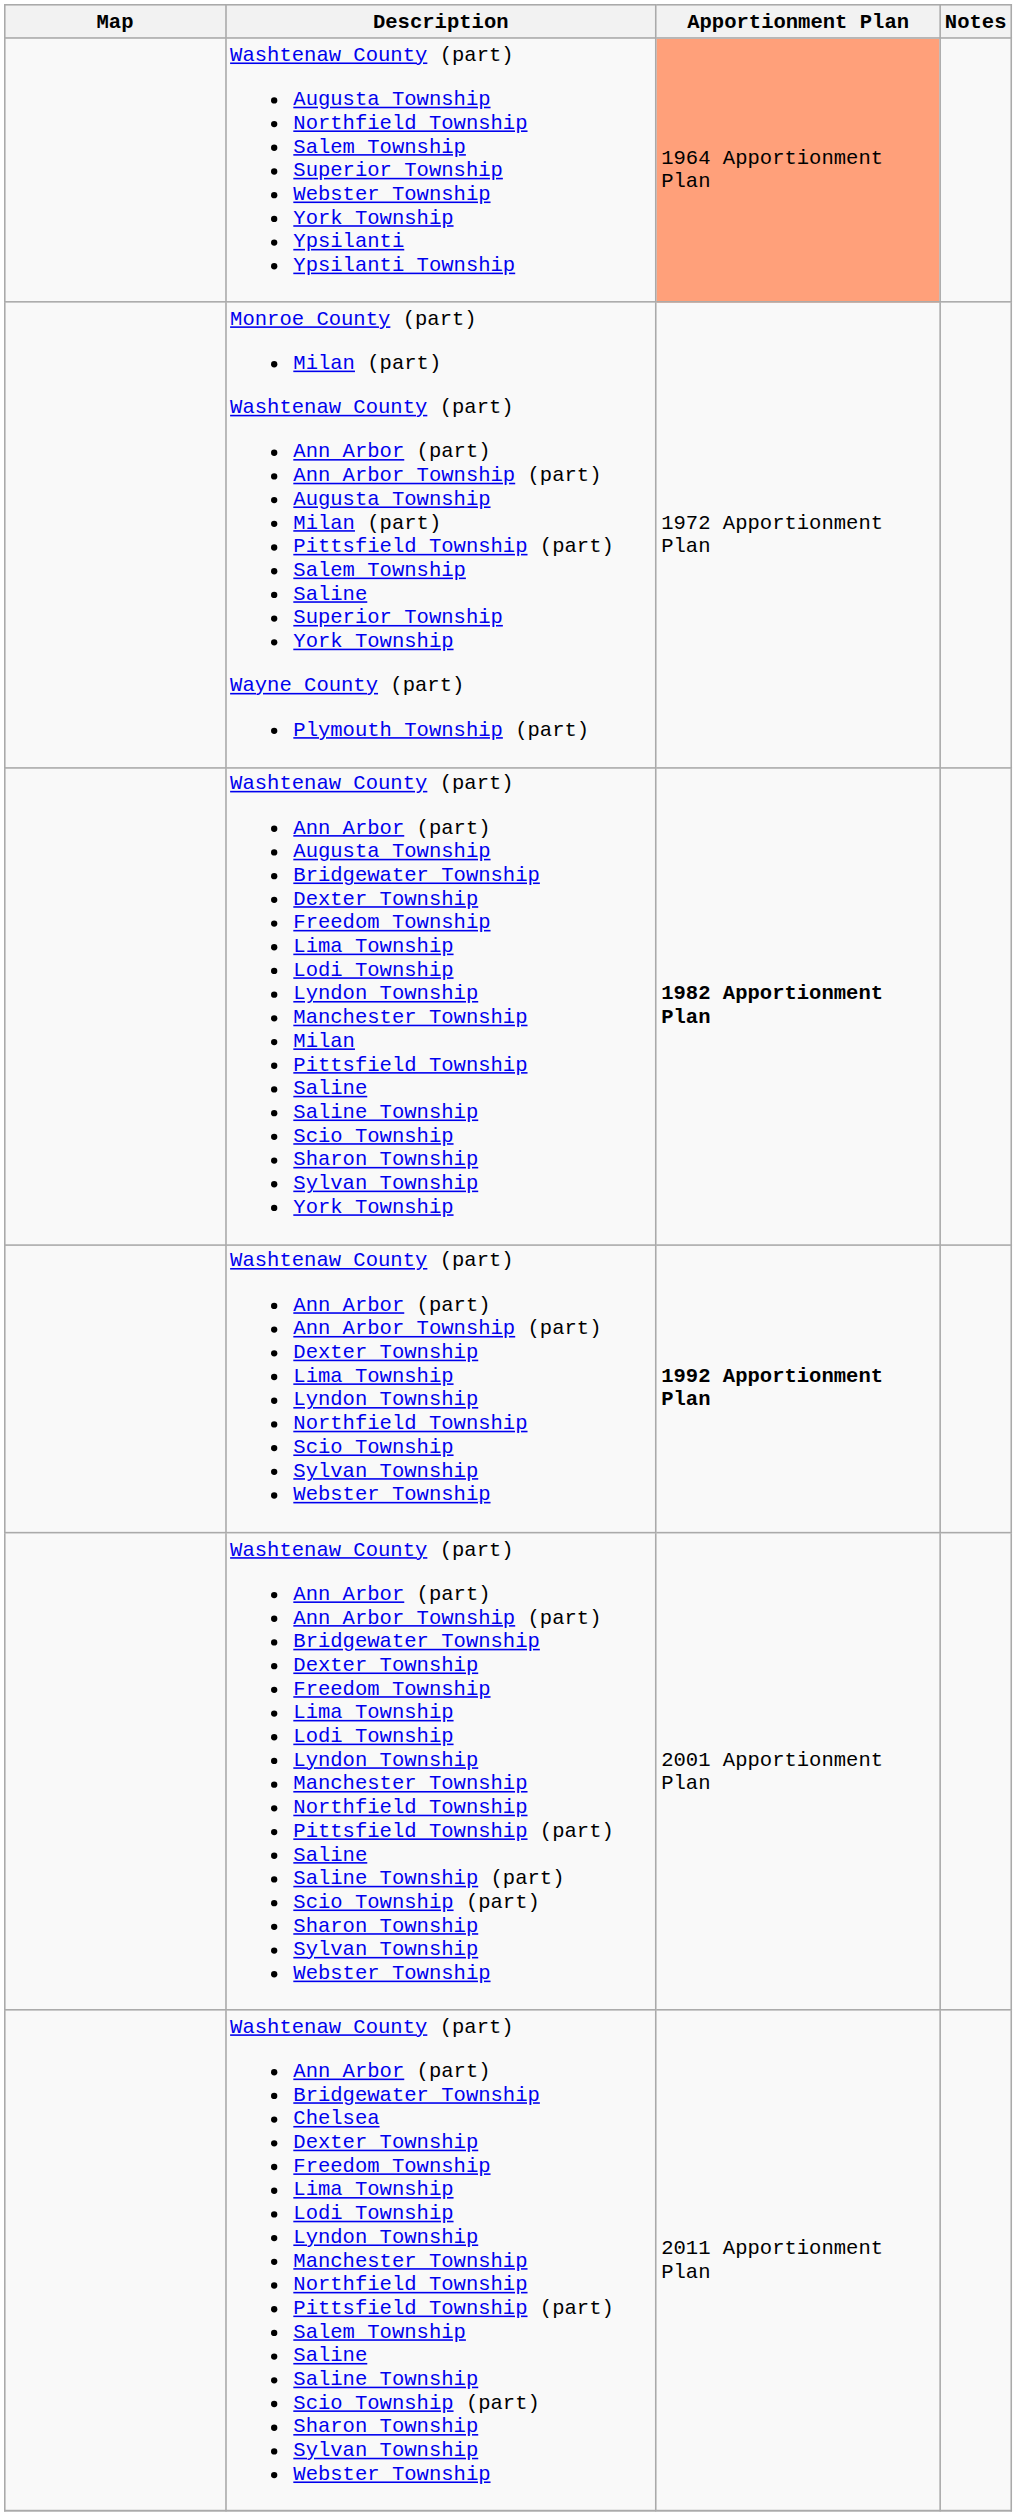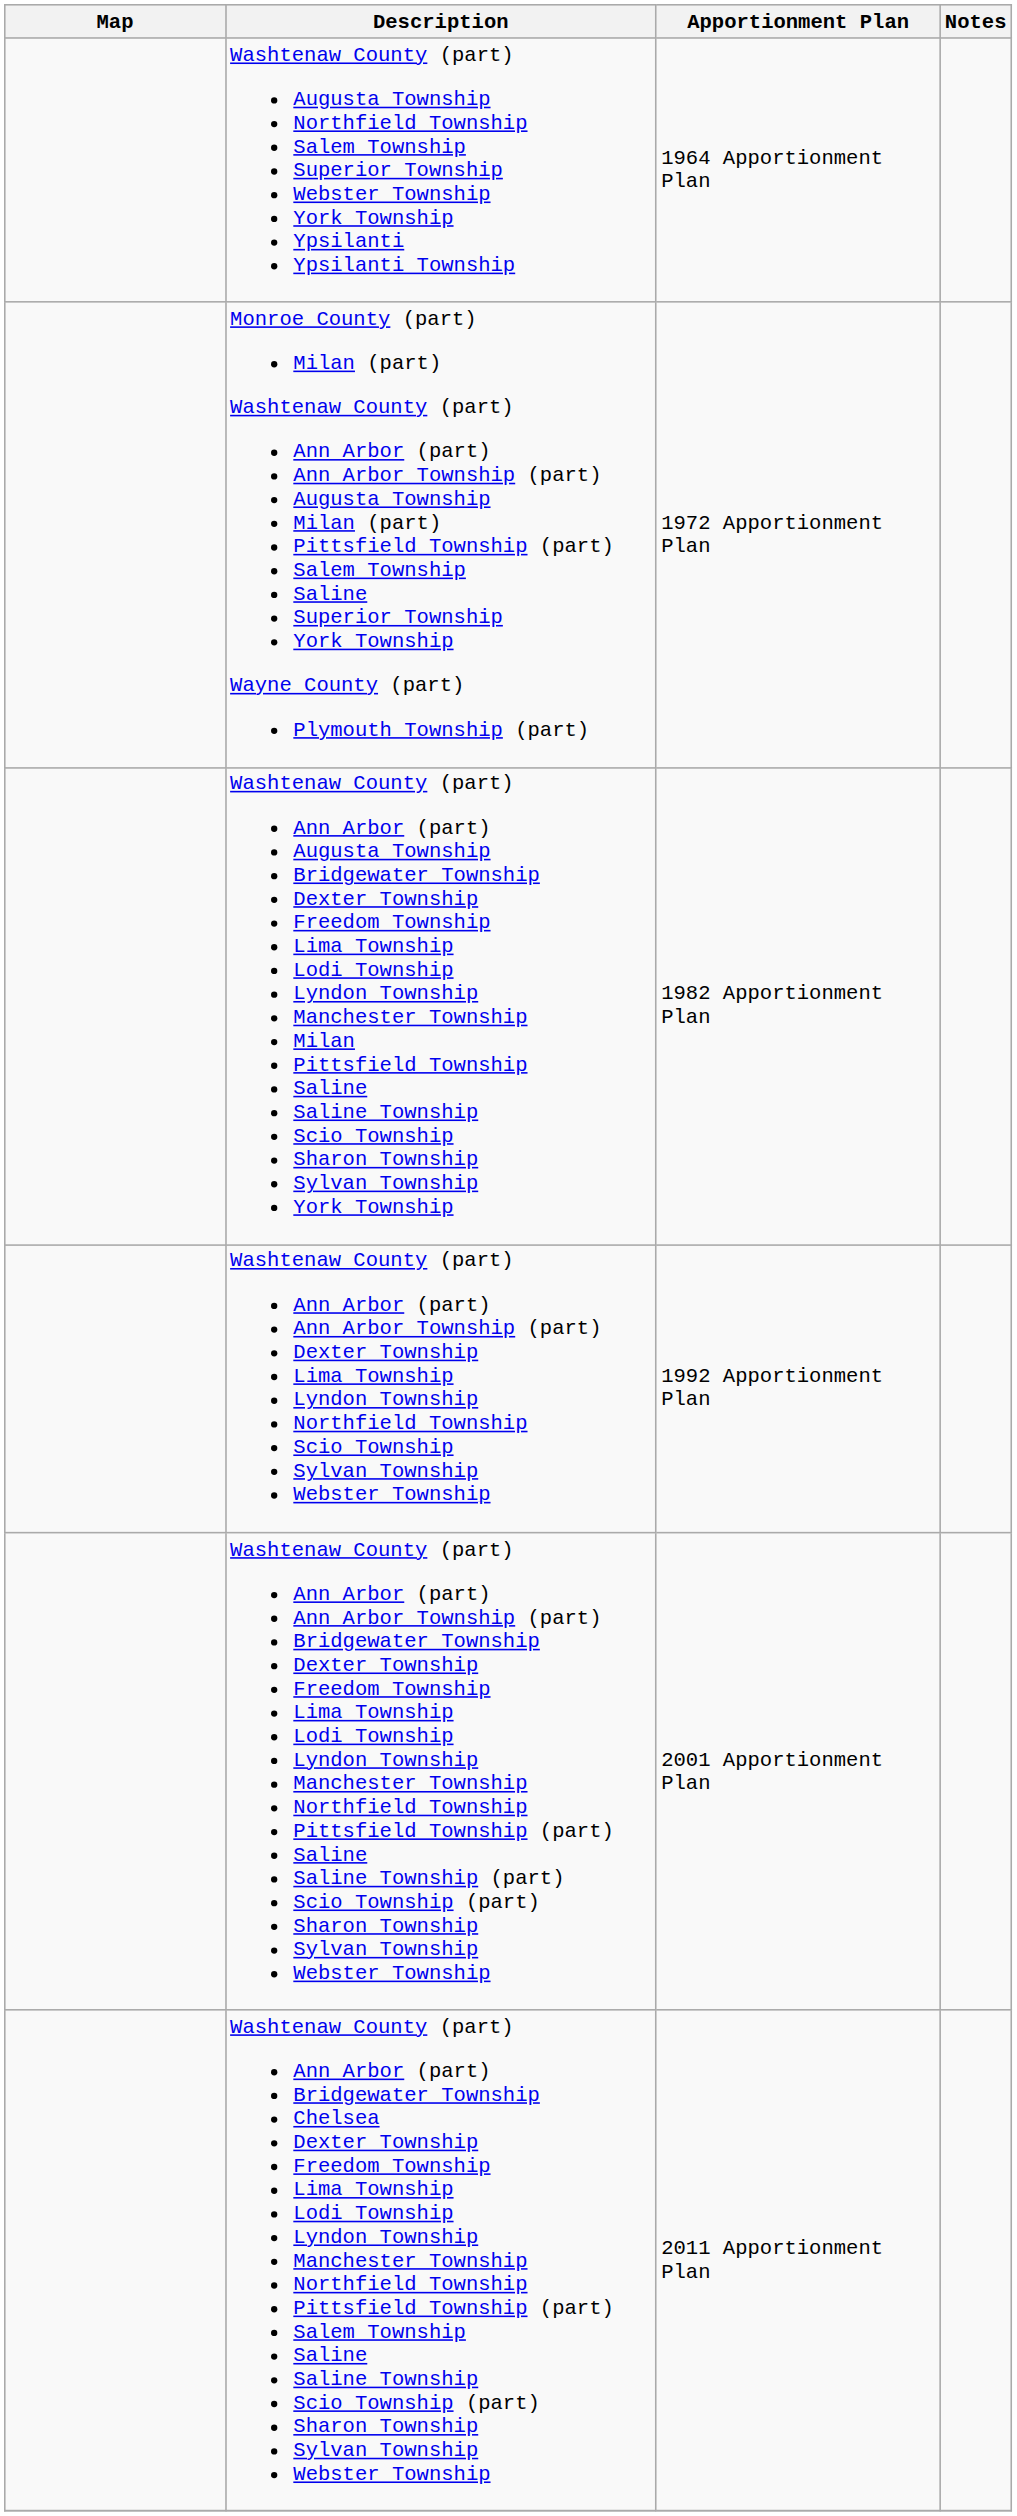 <table class="wikitable sortable">
 <tr>
 <th style="width:100pt;">Map</th>
 <th style="width:200pt;">Description</th>
 <th style="width:130pt;">Apportionment Plan</th>
 <th style="width:15pt;">Notes</th>
 </tr>
 <tr>
 <td></td>
 <td><a href='#'>Washtenaw County</a> (part)<br><ul><li><a href='#'>Augusta Township</a></li><li><a href='#'>Northfield Township</a></li><li><a href='#'>Salem Township</a></li><li><a href='#'>Superior Township</a></li><li><a href='#'>Webster Township</a></li><li><a href='#'>York Township</a></li><li><a href='#'>Ypsilanti</a></li><li><a href='#'>Ypsilanti Township</a></li></ul></td>
-<td style="background: lightsalmon;">1964 Apportionment Plan</td>
+<td>1964 Apportionment Plan</td>
 <td></td>
 </tr>
 <tr>
 <td></td>
 <td><a href='#'>Monroe County</a> (part)<br><ul><li><a href='#'>Milan</a> (part)</li></ul><a href='#'>Washtenaw County</a> (part)<ul><li><a href='#'>Ann Arbor</a> (part)</li><li><a href='#'>Ann Arbor Township</a> (part)</li><li><a href='#'>Augusta Township</a></li><li><a href='#'>Milan</a> (part)</li><li><a href='#'>Pittsfield Township</a> (part)</li><li><a href='#'>Salem Township</a></li><li><a href='#'>Saline</a></li><li><a href='#'>Superior Township</a></li><li><a href='#'>York Township</a></li></ul><a href='#'>Wayne County</a> (part)<ul><li><a href='#'>Plymouth Township</a> (part)</li></ul></td>
 <td>1972 Apportionment Plan</td>
 <td></td>
 </tr>
 <tr>
 <td></td>
 <td><a href='#'>Washtenaw County</a> (part)<br><ul><li><a href='#'>Ann Arbor</a> (part)</li><li><a href='#'>Augusta Township</a></li><li><a href='#'>Bridgewater Township</a></li><li><a href='#'>Dexter Township</a></li><li><a href='#'>Freedom Township</a></li><li><a href='#'>Lima Township</a></li><li><a href='#'>Lodi Township</a></li><li><a href='#'>Lyndon Township</a></li><li><a href='#'>Manchester Township</a></li><li><a href='#'>Milan</a></li><li><a href='#'>Pittsfield Township</a></li><li><a href='#'>Saline</a></li><li><a href='#'>Saline Township</a></li><li><a href='#'>Scio Township</a></li><li><a href='#'>Sharon Township</a></li><li><a href='#'>Sylvan Township</a></li><li><a href='#'>York Township</a></li></ul></td>
-<td><strong>1982 Apportionment Plan</strong></td>
+<td>1982 Apportionment Plan</td>
 <td></td>
 </tr>
 <tr>
 <td></td>
 <td><a href='#'>Washtenaw County</a> (part)<br><ul><li><a href='#'>Ann Arbor</a> (part)</li><li><a href='#'>Ann Arbor Township</a> (part)</li><li><a href='#'>Dexter Township</a></li><li><a href='#'>Lima Township</a></li><li><a href='#'>Lyndon Township</a></li><li><a href='#'>Northfield Township</a></li><li><a href='#'>Scio Township</a></li><li><a href='#'>Sylvan Township</a></li><li><a href='#'>Webster Township</a></li></ul></td>
-<td><strong>1992 Apportionment Plan</strong></td>
+<td>1992 Apportionment Plan</td>
 <td></td>
 </tr>
 <tr>
 <td></td>
 <td><a href='#'>Washtenaw County</a> (part)<br><ul><li><a href='#'>Ann Arbor</a> (part)</li><li><a href='#'>Ann Arbor Township</a> (part)</li><li><a href='#'>Bridgewater Township</a></li><li><a href='#'>Dexter Township</a></li><li><a href='#'>Freedom Township</a></li><li><a href='#'>Lima Township</a></li><li><a href='#'>Lodi Township</a></li><li><a href='#'>Lyndon Township</a></li><li><a href='#'>Manchester Township</a></li><li><a href='#'>Northfield Township</a></li><li><a href='#'>Pittsfield Township</a> (part)</li><li><a href='#'>Saline</a></li><li><a href='#'>Saline Township</a> (part)</li><li><a href='#'>Scio Township</a> (part)</li><li><a href='#'>Sharon Township</a></li><li><a href='#'>Sylvan Township</a></li><li><a href='#'>Webster Township</a></li></ul></td>
 <td>2001 Apportionment Plan</td>
 <td></td>
 </tr>
 <tr>
 <td></td>
 <td><a href='#'>Washtenaw County</a> (part)<br><ul><li><a href='#'>Ann Arbor</a> (part)</li><li><a href='#'>Bridgewater Township</a></li><li><a href='#'>Chelsea</a></li><li><a href='#'>Dexter Township</a></li><li><a href='#'>Freedom Township</a></li><li><a href='#'>Lima Township</a></li><li><a href='#'>Lodi Township</a></li><li><a href='#'>Lyndon Township</a></li><li><a href='#'>Manchester Township</a></li><li><a href='#'>Northfield Township</a></li><li><a href='#'>Pittsfield Township</a> (part)</li><li><a href='#'>Salem Township</a></li><li><a href='#'>Saline</a></li><li><a href='#'>Saline Township</a></li><li><a href='#'>Scio Township</a> (part)</li><li><a href='#'>Sharon Township</a></li><li><a href='#'>Sylvan Township</a></li><li><a href='#'>Webster Township</a></li></ul></td>
 <td>2011 Apportionment Plan</td>
 <td></td>
 </tr>
 <tr>
 </tr>
 </table>
